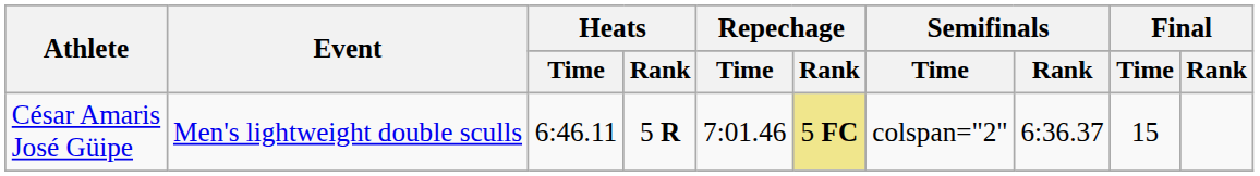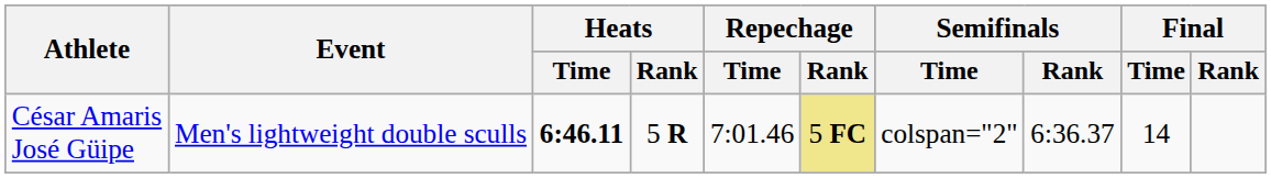 <table class="wikitable" style="font-size:90%">
 <tr>
 <th rowspan="2">Athlete</th>
 <th rowspan="2">Event</th>
 <th colspan="2">Heats</th>
 <th colspan="2">Repechage</th>
 <th colspan="2">Semifinals</th>
 <th colspan="2">Final</th>
 </tr>
 <tr style="font-size:95%">
 <th>Time</th>
 <th>Rank</th>
 <th>Time</th>
 <th>Rank</th>
 <th>Time</th>
 <th>Rank</th>
 <th>Time</th>
 <th>Rank</th>
 </tr>
 <tr align=center>
 <td align=left><a href='#'>César Amaris</a><br><a href='#'>José Güipe</a></td>
 <td align=left><a href='#'>Men's lightweight double sculls</a></td>
-<td>6:46.11</td>
+<td><strong>6:46.11</strong></td>
 <td>5 <strong>R</strong></td>
 <td>7:01.46</td>
 <td style="background: khaki;">5 <strong>FC</strong></td>
 <td>colspan="2" </td>
 <td>6:36.37</td>
-<td>15</td>
+<td>14</td>
 </tr>
 </table>
